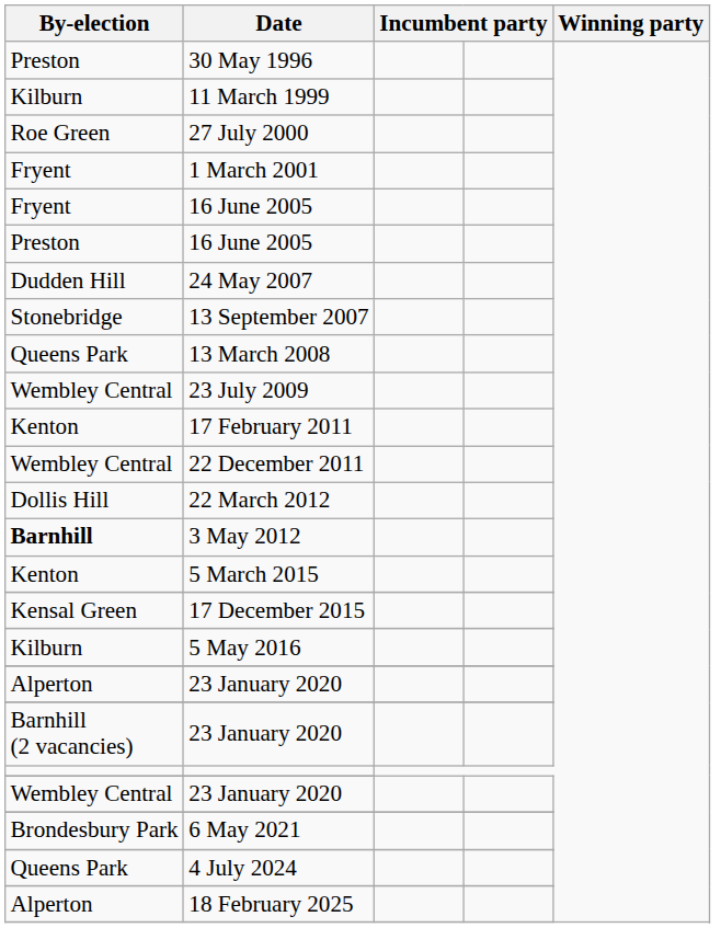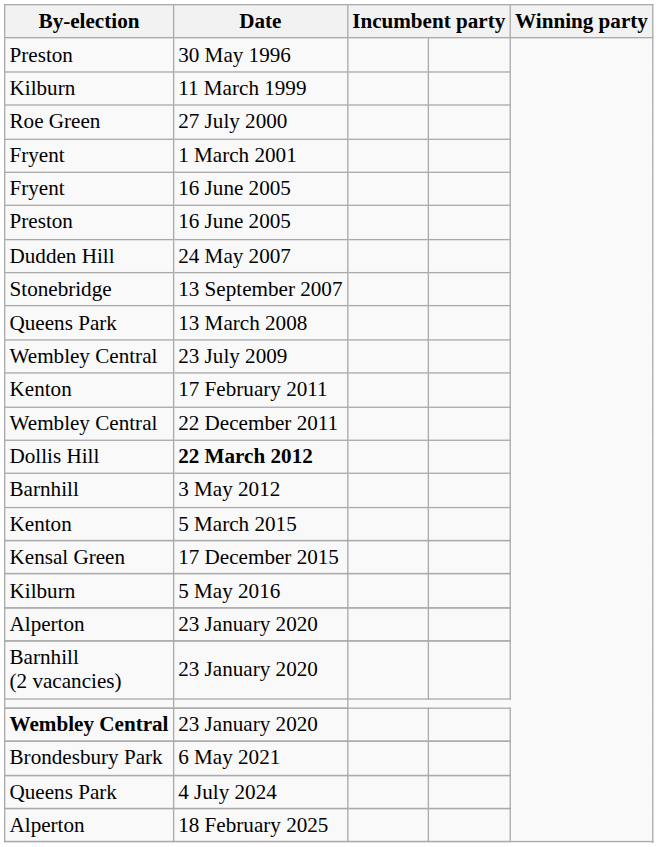 <table class="wikitable">
 <tr>
 <th>By-election</th>
 <th>Date</th>
 <th colspan=2>Incumbent party</th>
 <th colspan=2>Winning party</th>
 </tr>
 <tr bgcolor=>
 <td>Preston</td>
 <td>30 May 1996</td>
 <td></td>
 <td></td>
 </tr>
 <tr bgcolor=>
 <td>Kilburn</td>
 <td>11 March 1999</td>
 <td></td>
 <td></td>
 </tr>
 <tr bgcolor=>
 <td>Roe Green</td>
 <td>27 July 2000</td>
 <td></td>
 <td></td>
 </tr>
 <tr bgcolor=>
 <td>Fryent</td>
 <td>1 March 2001</td>
 <td></td>
 <td></td>
 </tr>
 <tr bgcolor=>
 <td>Fryent</td>
 <td>16 June 2005</td>
 <td></td>
 <td></td>
 </tr>
 <tr bgcolor=>
 <td>Preston</td>
 <td>16 June 2005</td>
 <td></td>
 <td></td>
 </tr>
 <tr bgcolor=>
 <td>Dudden Hill</td>
 <td>24 May 2007</td>
 <td></td>
 <td></td>
 </tr>
 <tr bgcolor=>
 <td>Stonebridge</td>
 <td>13 September 2007</td>
 <td></td>
 <td></td>
 </tr>
 <tr bgcolor=>
 <td>Queens Park</td>
 <td>13 March 2008</td>
 <td></td>
 <td></td>
 </tr>
 <tr bgcolor=>
 <td>Wembley Central</td>
 <td>23 July 2009</td>
 <td></td>
 <td></td>
 </tr>
 <tr bgcolor=>
 <td>Kenton</td>
 <td>17 February 2011</td>
 <td></td>
 <td></td>
 </tr>
 <tr bgcolor=>
 <td>Wembley Central</td>
 <td>22 December 2011</td>
 <td></td>
 <td></td>
 </tr>
 <tr bgcolor=>
 <td>Dollis Hill</td>
-<td>22 March 2012</td>
+<td><strong>22 March 2012</strong></td>
 <td></td>
 <td></td>
 </tr>
 <tr bgcolor=>
-<td><strong>Barnhill</strong></td>
+<td>Barnhill</td>
 <td>3 May 2012</td>
 <td></td>
 <td></td>
 </tr>
 <tr bgcolor=>
 <td>Kenton</td>
 <td>5 March 2015</td>
 <td></td>
 <td></td>
 </tr>
 <tr>
 </tr>
 <tr bgcolor=>
 <td>Kensal Green</td>
 <td>17 December 2015</td>
 <td></td>
 <td></td>
 </tr>
 <tr>
 </tr>
 <tr bgcolor=>
 <td>Kilburn</td>
 <td>5 May 2016</td>
 <td></td>
 <td></td>
 </tr>
 <tr>
 </tr>
 <tr bgcolor=>
 <td>Alperton</td>
 <td>23 January 2020</td>
 <td></td>
 <td></td>
 </tr>
 <tr>
 </tr>
 <tr bgcolor=>
 <td rowspan=2>Barnhill<br>(2 vacancies)</td>
 <td rowspan=2>23 January 2020</td>
 <td></td>
 <td></td>
 </tr>
 <tr>
 </tr>
 <tr bgcolor=>
 <td></td>
 <td></td>
 </tr>
 <tr>
 </tr>
 <tr bgcolor=>
-<td>Wembley Central</td>
+<td><strong>Wembley Central</strong></td>
 <td>23 January 2020</td>
 <td></td>
 <td></td>
 </tr>
 <tr>
 </tr>
 <tr bgcolor=>
 <td>Brondesbury Park</td>
 <td>6 May 2021</td>
 <td></td>
 <td></td>
 </tr>
 <tr>
 </tr>
 <tr bgcolor=>
 <td>Queens Park</td>
 <td>4 July 2024</td>
 <td></td>
 <td></td>
 </tr>
 <tr>
 </tr>
 <tr bgcolor=>
 <td>Alperton</td>
 <td>18 February 2025</td>
 <td></td>
 <td></td>
 </tr>
 <tr>
 </tr>
 </table>
